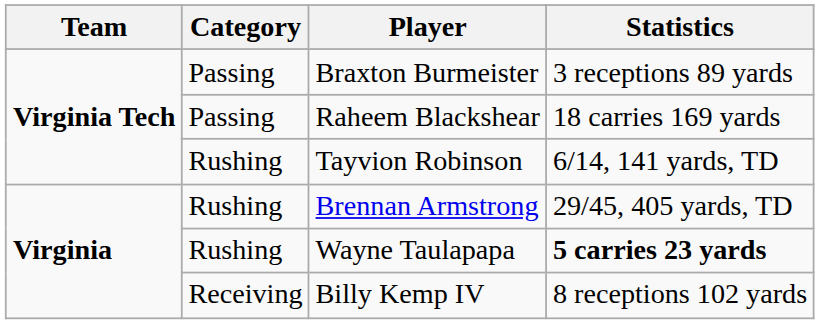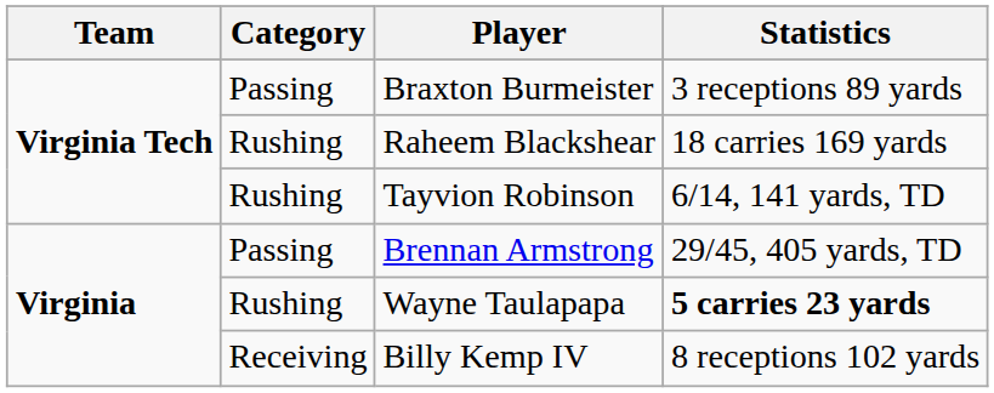 <table class="wikitable" style="float: right;">
 <tr>
 <th>Team</th>
 <th>Category</th>
 <th>Player</th>
 <th>Statistics</th>
 </tr>
 <tr>
 <td rowspan=3><strong>Virginia Tech</strong></td>
 <td>Passing</td>
 <td>Braxton Burmeister</td>
 <td>3 receptions 89 yards</td>
 </tr>
 <tr>
-<td>Passing</td>
+<td>Rushing</td>
 <td>Raheem Blackshear</td>
 <td>18 carries 169 yards</td>
 </tr>
 <tr>
 <td>Rushing</td>
 <td>Tayvion Robinson</td>
 <td>6/14, 141 yards, TD</td>
 </tr>
 <tr>
 <td rowspan=3><strong>Virginia</strong></td>
-<td>Rushing</td>
+<td>Passing</td>
 <td><a href='#'>Brennan Armstrong</a></td>
 <td>29/45, 405 yards, TD</td>
 </tr>
 <tr>
 <td>Rushing</td>
 <td>Wayne Taulapapa</td>
 <td><strong>5 carries 23 yards</strong></td>
 </tr>
 <tr>
 <td>Receiving</td>
 <td>Billy Kemp IV</td>
 <td>8 receptions 102 yards</td>
 </tr>
 </table>
